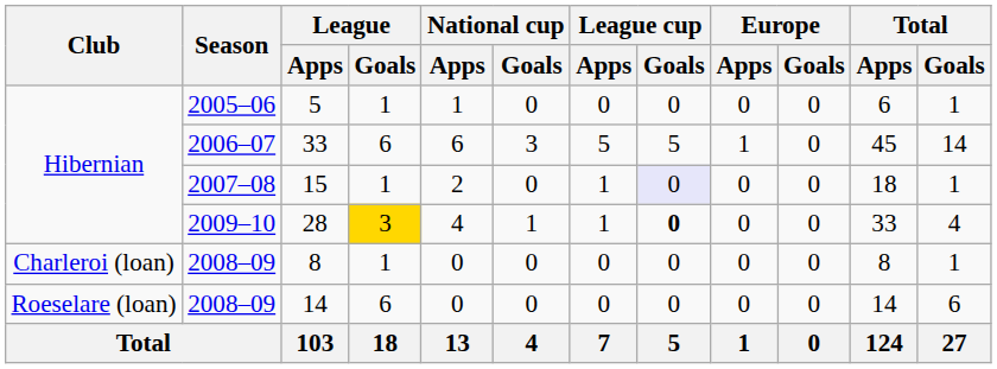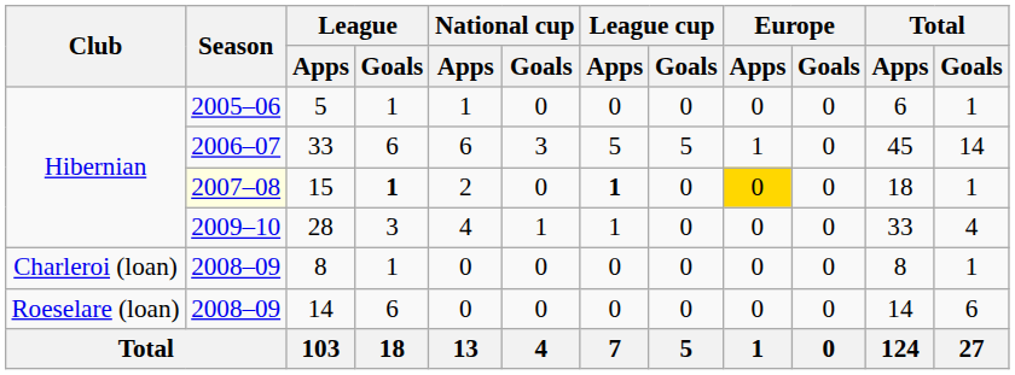 <table class="wikitable" style="text-align:center">
 <tr>
 <th rowspan="2">Club</th>
 <th rowspan="2">Season</th>
 <th colspan="2">League</th>
 <th colspan="2">National cup</th>
 <th colspan="2">League cup</th>
 <th colspan="2">Europe</th>
 <th colspan="2">Total</th>
 </tr>
 <tr>
 <th>Apps</th>
 <th>Goals</th>
 <th>Apps</th>
 <th>Goals</th>
 <th>Apps</th>
 <th>Goals</th>
 <th>Apps</th>
 <th>Goals</th>
 <th>Apps</th>
 <th>Goals</th>
 </tr>
 <tr>
 <td rowspan="4"><a href='#'>Hibernian</a></td>
 <td><a href='#'>2005–06</a></td>
 <td>5</td>
 <td>1</td>
 <td>1</td>
 <td>0</td>
 <td>0</td>
 <td>0</td>
 <td>0</td>
 <td>0</td>
 <td>6</td>
 <td>1</td>
 </tr>
 <tr>
 <td><a href='#'>2006–07</a></td>
 <td>33</td>
 <td>6</td>
 <td>6</td>
 <td>3</td>
 <td>5</td>
 <td>5</td>
 <td>1</td>
 <td>0</td>
 <td>45</td>
 <td>14</td>
 </tr>
 <tr>
-<td><a href='#'>2007–08</a></td>
+<td style="background: lightyellow;"><a href='#'>2007–08</a></td>
 <td>15</td>
-<td>1</td>
+<td><strong>1</strong></td>
 <td>2</td>
 <td>0</td>
-<td>1</td>
-<td style="background: lavender;">0</td>
+<td><strong>1</strong></td>
 <td>0</td>
+<td style="background: gold;">0</td>
 <td>0</td>
 <td>18</td>
 <td>1</td>
 </tr>
 <tr>
 <td><a href='#'>2009–10</a></td>
 <td>28</td>
-<td style="background: gold;">3</td>
+<td>3</td>
 <td>4</td>
 <td>1</td>
 <td>1</td>
-<td><strong>0</strong></td>
+<td>0</td>
 <td>0</td>
 <td>0</td>
 <td>33</td>
 <td>4</td>
 </tr>
 <tr>
 <td><a href='#'>Charleroi</a> (loan)</td>
 <td><a href='#'>2008–09</a></td>
 <td>8</td>
 <td>1</td>
 <td>0</td>
 <td>0</td>
 <td>0</td>
 <td>0</td>
 <td>0</td>
 <td>0</td>
 <td>8</td>
 <td>1</td>
 </tr>
 <tr>
 <td><a href='#'>Roeselare</a> (loan)</td>
 <td><a href='#'>2008–09</a></td>
 <td>14</td>
 <td>6</td>
 <td>0</td>
 <td>0</td>
 <td>0</td>
 <td>0</td>
 <td>0</td>
 <td>0</td>
 <td>14</td>
 <td>6</td>
 </tr>
 <tr>
 <th colspan="2">Total</th>
 <th>103</th>
 <th>18</th>
 <th>13</th>
 <th>4</th>
 <th>7</th>
 <th>5</th>
 <th>1</th>
 <th>0</th>
 <th>124</th>
 <th>27</th>
 </tr>
 </table>
